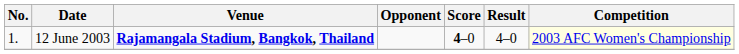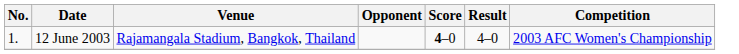 <table class="wikitable">
 <tr>
 <th>No.</th>
 <th>Date</th>
 <th>Venue</th>
 <th>Opponent</th>
 <th>Score</th>
 <th>Result</th>
 <th>Competition</th>
 </tr>
 <tr>
 <td>1.</td>
 <td>12 June 2003</td>
-<td><strong><a href='#'>Rajamangala Stadium</a>, <a href='#'>Bangkok</a>, <a href='#'>Thailand</a></strong></td>
+<td><a href='#'>Rajamangala Stadium</a>, <a href='#'>Bangkok</a>, <a href='#'>Thailand</a></td>
 <td></td>
 <td align=center><strong>4</strong>–0</td>
 <td align=center>4–0</td>
-<td style="background: lightyellow;"><a href='#'>2003 AFC Women's Championship</a></td>
+<td><a href='#'>2003 AFC Women's Championship</a></td>
 </tr>
 <tr>
 </tr>
 </table>
